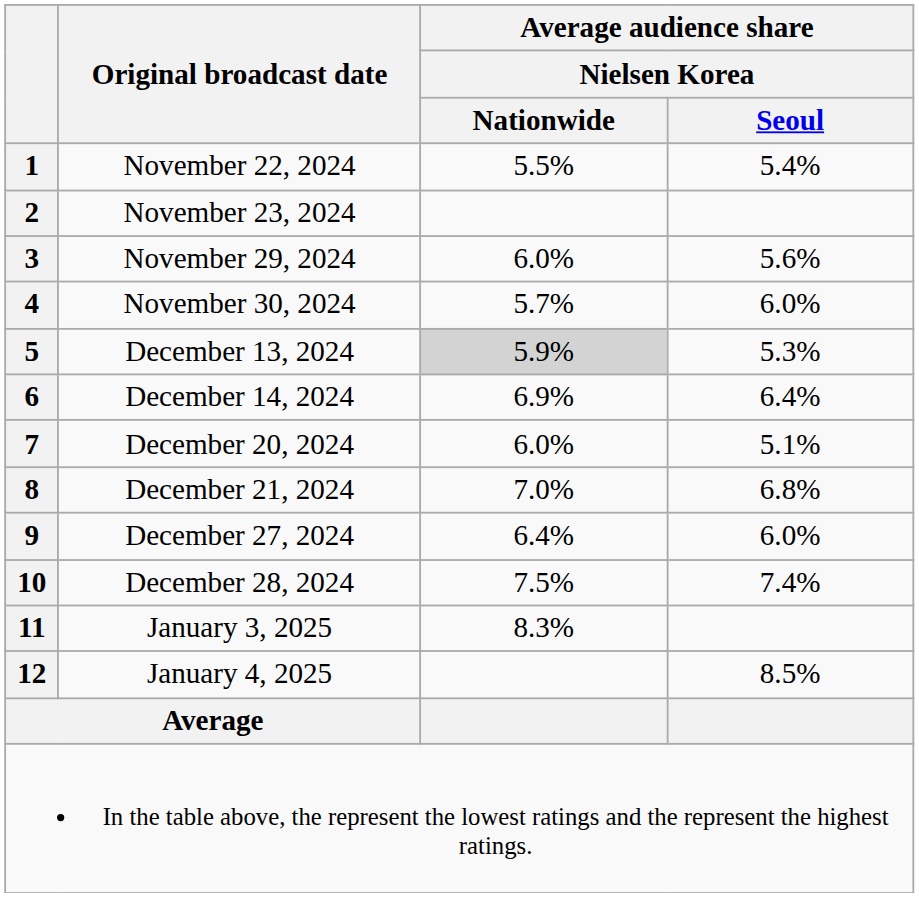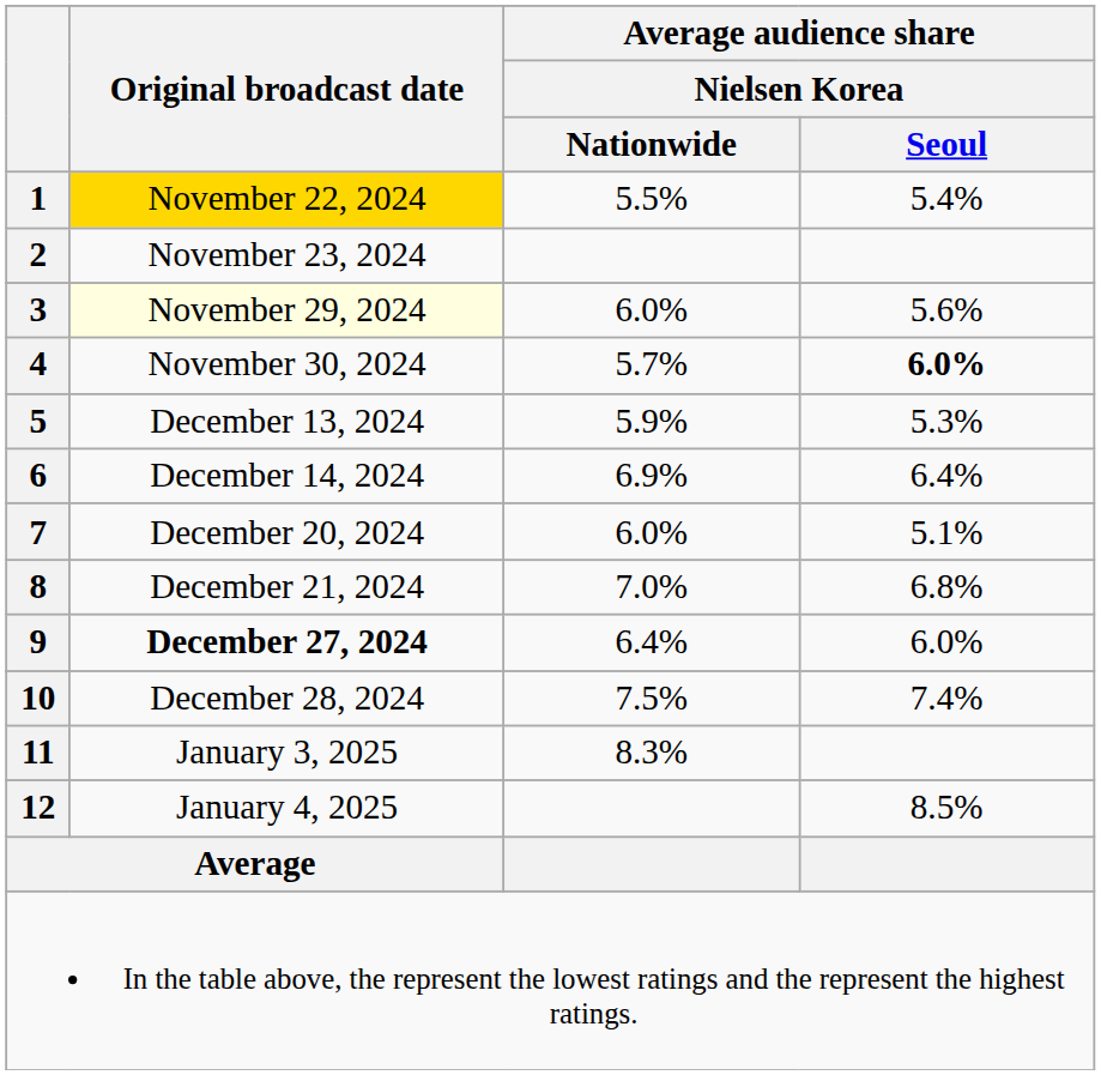 <table class="wikitable" style="margin-left:auto; margin-right:auto; width:500px; text-align:center">
 <tr>
 <th scope="col" rowspan="3"></th>
 <th scope="col" rowspan="3">Original broadcast date</th>
 <th scope="col" colspan="2">Average audience share</th>
 </tr>
 <tr>
 <th scope="col" colspan="2">Nielsen Korea</th>
 </tr>
 <tr>
 <th scope="col" style="width:8em">Nationwide</th>
 <th scope="col" style="width:8em"><a href='#'>Seoul</a></th>
 </tr>
 <tr>
 <th scope="row">1</th>
-<td>November 22, 2024</td>
+<td style="background: gold;">November 22, 2024</td>
 <td>5.5% </td>
 <td>5.4% </td>
 </tr>
 <tr>
 <th scope="row">2</th>
 <td>November 23, 2024</td>
 <td><strong></strong> </td>
 <td><strong></strong> </td>
 </tr>
 <tr>
 <th scope="row">3</th>
-<td>November 29, 2024</td>
+<td style="background: lightyellow;">November 29, 2024</td>
 <td>6.0% </td>
 <td>5.6% </td>
 </tr>
 <tr>
 <th scope="row">4</th>
 <td>November 30, 2024</td>
 <td>5.7% </td>
-<td>6.0% </td>
+<td><strong>6.0% </strong></td>
 </tr>
 <tr>
 <th scope="row">5</th>
 <td>December 13, 2024</td>
-<td style="background: lightgrey;">5.9% </td>
+<td>5.9% </td>
 <td>5.3% </td>
 </tr>
 <tr>
 <th scope="row">6</th>
 <td>December 14, 2024</td>
 <td>6.9% </td>
 <td>6.4% </td>
 </tr>
 <tr>
 <th scope="row">7</th>
 <td>December 20, 2024</td>
 <td>6.0% </td>
 <td>5.1% </td>
 </tr>
 <tr>
 <th scope="row">8</th>
 <td>December 21, 2024</td>
 <td>7.0% </td>
 <td>6.8% </td>
 </tr>
 <tr>
 <th scope="row">9</th>
-<td>December 27, 2024</td>
+<td><strong>December 27, 2024</strong></td>
 <td>6.4% </td>
 <td>6.0% </td>
 </tr>
 <tr>
 <th scope="row">10</th>
 <td>December 28, 2024</td>
 <td>7.5% </td>
 <td>7.4% </td>
 </tr>
 <tr>
 <th scope="row">11</th>
 <td>January 3, 2025</td>
 <td>8.3% </td>
 <td><strong></strong> </td>
 </tr>
 <tr>
 <th scope="row">12</th>
 <td>January 4, 2025</td>
 <td><strong></strong> </td>
 <td>8.5% </td>
 </tr>
 <tr>
 <th scope="col" colspan="2">Average</th>
 <th scope="col"></th>
 <th scope="col"></th>
 </tr>
 <tr>
 <td colspan="5" style="font-size:85%"><br><ul><li>In the table above, the <strong></strong> represent the lowest ratings and the <strong></strong> represent the highest ratings.</li></ul></td>
 </tr>
 </table>
